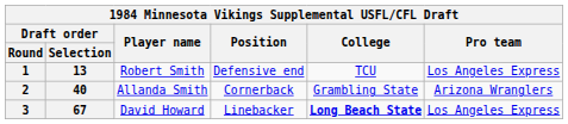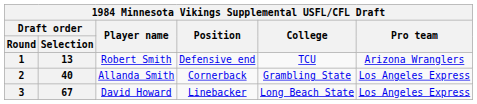 <table class="wikitable" style="text-align:center">
 <tr>
 <th colspan="6">1984 Minnesota Vikings Supplemental USFL/CFL Draft</th>
 </tr>
 <tr>
 <th colspan="2">Draft order</th>
 <th rowspan="2">Player name</th>
 <th rowspan="2">Position</th>
 <th rowspan="2">College</th>
 <th rowspan="2">Pro team</th>
 </tr>
 <tr>
 <th>Round</th>
 <th>Selection</th>
 </tr>
 <tr>
 <th>1</th>
 <th>13</th>
 <td><a href='#'>Robert Smith</a></td>
 <td><a href='#'>Defensive end</a></td>
 <td><a href='#'>TCU</a></td>
-<td><a href='#'>Los Angeles Express</a></td>
+<td><a href='#'>Arizona Wranglers</a></td>
 </tr>
 <tr>
 <th>2</th>
 <th>40</th>
 <td><a href='#'>Allanda Smith</a></td>
 <td><a href='#'>Cornerback</a></td>
 <td><a href='#'>Grambling State</a></td>
-<td><a href='#'>Arizona Wranglers</a></td>
+<td><a href='#'>Los Angeles Express</a></td>
 </tr>
 <tr>
 <th>3</th>
 <th>67</th>
 <td><a href='#'>David Howard</a></td>
 <td><a href='#'>Linebacker</a></td>
-<td><strong><a href='#'>Long Beach State</a></strong></td>
+<td><a href='#'>Long Beach State</a></td>
 <td><a href='#'>Los Angeles Express</a></td>
 </tr>
 </table>
